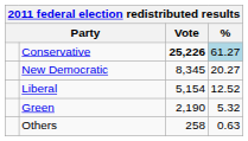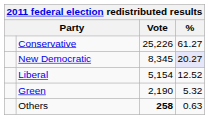 <table class="wikitable">
 <tr>
 <th colspan="4"><a href='#'>2011 federal election</a> redistributed results</th>
 </tr>
 <tr>
 <th bgcolor="#DDDDFF" width="130px" colspan="2">Party</th>
 <th bgcolor="#DDDDFF" width="50px">Vote</th>
 <th bgcolor="#DDDDFF" width="30px">%</th>
 </tr>
 <tr>
 <td> </td>
 <td><a href='#'>Conservative</a></td>
-<td align=right><strong>25,226</strong></td>
-<td align=right style="background: lightblue;">61.27</td>
+<td align=right>25,226</td>
+<td align=right>61.27</td>
 </tr>
 <tr>
 <td> </td>
 <td><a href='#'>New Democratic</a></td>
 <td align=right>8,345</td>
-<td align=right>20.27</td>
+<td align=right style="background: lavender;">20.27</td>
 </tr>
 <tr>
 <td> </td>
 <td><a href='#'>Liberal</a></td>
 <td align=right>5,154</td>
 <td align=right>12.52</td>
 </tr>
 <tr>
 <td> </td>
 <td><a href='#'>Green</a></td>
 <td align=right>2,190</td>
 <td align=right>5.32</td>
 </tr>
 <tr>
 <td> </td>
 <td>Others</td>
-<td align=right>258</td>
+<td align=right><strong>258</strong></td>
 <td align=right>0.63</td>
 </tr>
 </table>
